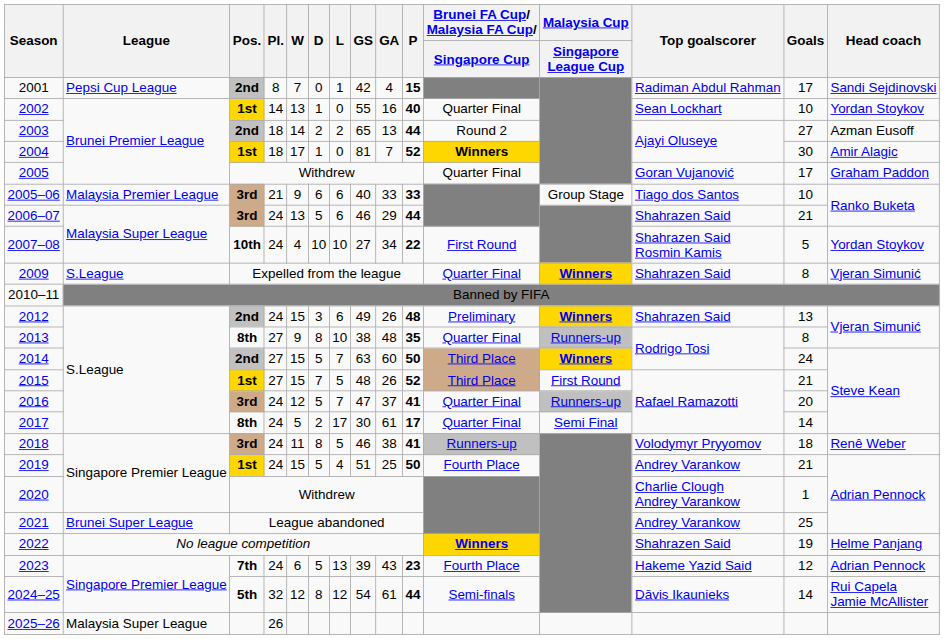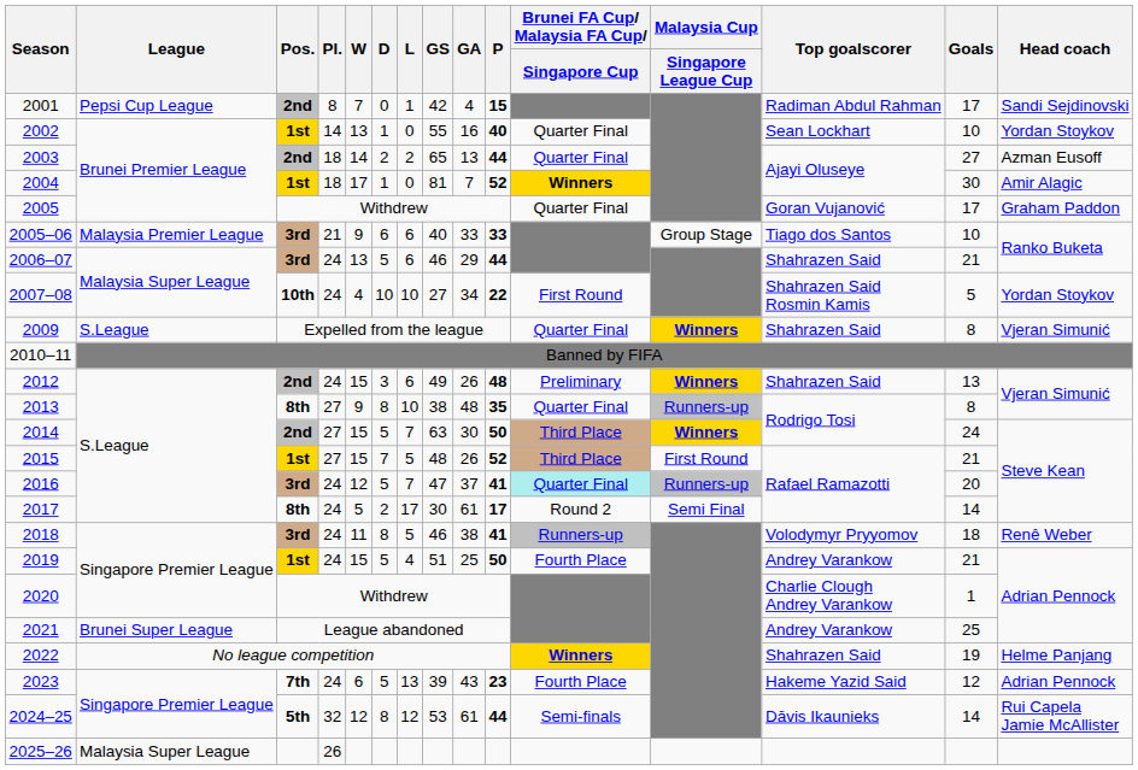 <table class="wikitable">
 <tr style="background:#efefef;">
 <th rowspan="2">Season</th>
 <th rowspan="2">League</th>
 <th rowspan="2">Pos.</th>
 <th rowspan="2">Pl.</th>
 <th rowspan="2">W</th>
 <th rowspan="2">D</th>
 <th rowspan="2">L</th>
 <th rowspan="2">GS</th>
 <th rowspan="2">GA</th>
 <th rowspan="2">P</th>
 <th> <a href='#'>Brunei FA Cup</a>/<br> <a href='#'>Malaysia FA Cup</a>/</th>
 <th> <a href='#'>Malaysia Cup</a></th>
 <th rowspan="2">Top goalscorer</th>
 <th rowspan="2">Goals</th>
 <th rowspan="2">Head coach</th>
 </tr>
 <tr>
 <th> <a href='#'>Singapore Cup</a></th>
 <th> <a href='#'>Singapore<br>League Cup</a></th>
 </tr>
 <tr>
 <td align=center>2001</td>
 <td> <a href='#'>Pepsi Cup League</a></td>
 <td style="text-align:center; background:silver;"><strong>2nd</strong></td>
 <td align=center>8</td>
 <td align=center>7</td>
 <td align=center>0</td>
 <td align=center>1</td>
 <td align=center>42</td>
 <td align=center>4</td>
 <td align=center><strong>15</strong></td>
 <td bgcolor=grey></td>
 <td rowspan="5" bgcolor=grey></td>
 <td rowspan="1"> <a href='#'>Radiman Abdul Rahman</a></td>
 <td align=center>17</td>
 <td> <a href='#'>Sandi Sejdinovski</a></td>
 </tr>
 <tr>
 <td align=center><a href='#'>2002</a></td>
 <td rowspan="4"> <a href='#'>Brunei Premier League</a></td>
 <td style="text-align:center; background:gold;"><strong>1st</strong></td>
 <td align=center>14</td>
 <td align=center>13</td>
 <td align=center>1</td>
 <td align=center>0</td>
 <td align=center>55</td>
 <td align=center>16</td>
 <td align=center><strong>40</strong></td>
 <td style="text-align:center;">Quarter Final</td>
 <td> <a href='#'>Sean Lockhart</a></td>
 <td align=center>10</td>
 <td> <a href='#'>Yordan Stoykov</a></td>
 </tr>
 <tr>
 <td align=center><a href='#'>2003</a></td>
 <td style="text-align:center; background:silver;"><strong>2nd</strong></td>
 <td align=center>18</td>
 <td align=center>14</td>
 <td align=center>2</td>
 <td align=center>2</td>
 <td align=center>65</td>
 <td align=center>13</td>
 <td align=center><strong>44</strong></td>
-<td style="text-align:center;">Round 2</td>
+<td align=center><a href='#'>Quarter Final</a></td>
 <td rowspan="2"> <a href='#'>Ajayi Oluseye</a></td>
 <td align=center>27</td>
 <td> Azman Eusoff</td>
 </tr>
 <tr>
 <td align=center><a href='#'>2004</a></td>
 <td style="text-align:center; background:gold;"><strong>1st</strong></td>
 <td align=center>18</td>
 <td align=center>17</td>
 <td align=center>1</td>
 <td align=center>0</td>
 <td align=center>81</td>
 <td align=center>7</td>
 <td align=center><strong>52</strong></td>
 <td style="text-align:center; background:gold;"><strong>Winners</strong></td>
 <td align=center>30</td>
 <td> <a href='#'>Amir Alagic</a></td>
 </tr>
 <tr>
 <td align=center><a href='#'>2005</a></td>
 <td style="text-align:center;" colspan=8>Withdrew</td>
 <td style="text-align:center;">Quarter Final</td>
 <td> <a href='#'>Goran Vujanović</a></td>
 <td align=center>17</td>
 <td> <a href='#'>Graham Paddon</a></td>
 </tr>
 <tr>
 <td align=center><a href='#'>2005–06</a></td>
 <td> <a href='#'>Malaysia Premier League</a></td>
 <td style="text-align:center; background:#cfaa88"><strong>3rd</strong></td>
 <td align=center>21</td>
 <td align=center>9</td>
 <td align=center>6</td>
 <td align=center>6</td>
 <td align=center>40</td>
 <td align=center>33</td>
 <td align=center><strong>33</strong></td>
 <td rowspan="2" bgcolor=grey></td>
 <td align=center>Group Stage</td>
 <td> <a href='#'>Tiago dos Santos</a></td>
 <td align=center>10</td>
 <td rowspan="2"> <a href='#'>Ranko Buketa</a></td>
 </tr>
 <tr>
 <td align=center><a href='#'>2006–07</a></td>
 <td rowspan="2"> <a href='#'>Malaysia Super League</a></td>
 <td style="text-align:center; background:#cfaa88"><strong>3rd</strong></td>
 <td align=center>24</td>
 <td align=center>13</td>
 <td align=center>5</td>
 <td align=center>6</td>
 <td align=center>46</td>
 <td align=center>29</td>
 <td align=center><strong>44</strong></td>
 <td rowspan="2" bgcolor=grey></td>
 <td> <a href='#'>Shahrazen Said</a></td>
 <td align=center>21</td>
 </tr>
 <tr>
 <td align=center><a href='#'>2007–08</a></td>
 <td style="text-align:center;"><strong>10th</strong></td>
 <td align=center>24</td>
 <td align=center>4</td>
 <td align=center>10</td>
 <td align=center>10</td>
 <td align=center>27</td>
 <td align=center>34</td>
 <td align=center><strong>22</strong></td>
 <td style="text-align:center;"><a href='#'>First Round</a></td>
 <td> <a href='#'>Shahrazen Said</a><br> <a href='#'>Rosmin Kamis</a></td>
 <td align=center>5</td>
 <td> <a href='#'>Yordan Stoykov</a></td>
 </tr>
 <tr>
 <td align=center><a href='#'>2009</a></td>
 <td> <a href='#'>S.League</a></td>
 <td align=center colspan="8">Expelled from the league</td>
 <td align=center><a href='#'>Quarter Final</a></td>
 <td style="text-align:center; background:gold;"><strong><a href='#'>Winners</a></strong></td>
 <td> <a href='#'>Shahrazen Said</a></td>
 <td align=center>8</td>
 <td> <a href='#'>Vjeran Simunić</a></td>
 </tr>
 <tr>
 <td align=center>2010–11</td>
 <td bgcolor=grey align=center colspan="14">Banned by FIFA</td>
 </tr>
 <tr>
 <td align=center><a href='#'>2012</a></td>
 <td rowspan="6"> S.League</td>
 <td style="text-align:center; background:silver;"><strong>2nd</strong></td>
 <td align=center>24</td>
 <td align=center>15</td>
 <td align=center>3</td>
 <td align=center>6</td>
 <td align=center>49</td>
 <td align=center>26</td>
 <td align=center><strong>48</strong></td>
 <td align=center><a href='#'>Preliminary</a></td>
 <td style="text-align:center; background:gold;"><strong><a href='#'>Winners</a></strong></td>
 <td> <a href='#'>Shahrazen Said</a></td>
 <td align=center>13</td>
 <td rowspan="2"> <a href='#'>Vjeran Simunić</a></td>
 </tr>
 <tr>
 <td align=center><a href='#'>2013</a></td>
 <td align=center><strong>8th</strong></td>
 <td align=center>27</td>
 <td align=center>9</td>
 <td align=center>8</td>
 <td align=center>10</td>
 <td align=center>38</td>
 <td align=center>48</td>
 <td align=center><strong>35</strong></td>
 <td align=center><a href='#'>Quarter Final</a></td>
 <td style="text-align:center; background:silver;"><a href='#'>Runners-up</a></td>
 <td rowspan="2"> <a href='#'>Rodrigo Tosi</a></td>
 <td align=center>8</td>
 </tr>
 <tr>
 <td align=center><a href='#'>2014</a></td>
 <td style="text-align:center; background:silver;"><strong>2nd</strong></td>
 <td align=center>27</td>
 <td align=center>15</td>
 <td align=center>5</td>
 <td align=center>7</td>
 <td align=center>63</td>
-<td align=center>60</td>
+<td align=center>30</td>
 <td align=center><strong>50</strong></td>
 <td style="text-align:center; background:#cfaa88"><a href='#'>Third Place</a></td>
 <td style="text-align:center; background:gold;"><strong><a href='#'>Winners</a></strong></td>
 <td align=center>24</td>
 <td rowspan="4"> <a href='#'>Steve Kean</a></td>
 </tr>
 <tr>
 <td align=center><a href='#'>2015</a></td>
 <td style="text-align:center; background:gold;"><strong>1st</strong></td>
 <td align=center>27</td>
 <td align=center>15</td>
 <td align=center>7</td>
 <td align=center>5</td>
 <td align=center>48</td>
 <td align=center>26</td>
 <td align=center><strong>52</strong></td>
 <td style="text-align:center; background:#cfaa88"><a href='#'>Third Place</a></td>
 <td style="text-align:center;"><a href='#'>First Round</a></td>
 <td rowspan="3"> <a href='#'>Rafael Ramazotti</a></td>
 <td align=center>21</td>
 </tr>
 <tr>
 <td align=center><a href='#'>2016</a></td>
 <td style="text-align:center; background:#cfaa88"><strong>3rd</strong></td>
 <td align=center>24</td>
 <td align=center>12</td>
 <td align=center>5</td>
 <td align=center>7</td>
 <td align=center>47</td>
 <td align=center>37</td>
 <td align=center><strong>41</strong></td>
-<td align=center><a href='#'>Quarter Final</a></td>
+<td align=center style="background: paleturquoise;"><a href='#'>Quarter Final</a></td>
 <td style="text-align:center; background:silver;"><a href='#'>Runners-up</a></td>
 <td align=center>20</td>
 </tr>
 <tr>
 <td align=center><a href='#'>2017</a></td>
 <td align=center><strong>8th</strong></td>
 <td align=center>24</td>
 <td align=center>5</td>
 <td align=center>2</td>
 <td align=center>17</td>
 <td align=center>30</td>
 <td align=center>61</td>
 <td align=center><strong>17</strong></td>
-<td align=center><a href='#'>Quarter Final</a></td>
+<td style="text-align:center;">Round 2</td>
 <td style="text-align:center;"><a href='#'>Semi Final</a></td>
 <td align=center>14</td>
 </tr>
 <tr>
 <td align=center><a href='#'>2018</a></td>
 <td rowspan="3"> Singapore Premier League</td>
 <td style="text-align:center; background:#cfaa88"><strong>3rd</strong></td>
 <td align=center>24</td>
 <td align=center>11</td>
 <td align=center>8</td>
 <td align=center>5</td>
 <td align=center>46</td>
 <td align=center>38</td>
 <td align=center><strong>41</strong></td>
 <td style="text-align:center; background:silver;"><a href='#'>Runners-up</a></td>
 <td rowspan="7"  bgcolor=grey></td>
 <td> <a href='#'>Volodymyr Pryyomov</a></td>
 <td align=center>18</td>
 <td> <a href='#'>Renê Weber</a></td>
 </tr>
 <tr>
 <td align=center><a href='#'>2019</a></td>
 <td style="text-align:center; background:gold;"><strong>1st</strong></td>
 <td align=center>24</td>
 <td align=center>15</td>
 <td align=center>5</td>
 <td align=center>4</td>
 <td align=center>51</td>
 <td align=center>25</td>
 <td align=center><strong>50</strong></td>
 <td align=center><a href='#'>Fourth Place</a></td>
 <td> <a href='#'>Andrey Varankow</a></td>
 <td align=center>21</td>
 <td rowspan="3"> <a href='#'>Adrian Pennock</a></td>
 </tr>
 <tr>
 <td align=center><a href='#'>2020</a></td>
 <td style="text-align:center;" colspan="8">Withdrew</td>
 <td align=center bgcolor=grey rowspan="2"></td>
 <td> <a href='#'>Charlie Clough</a><br> <a href='#'>Andrey Varankow</a></td>
 <td align=center>1</td>
 </tr>
 <tr>
 <td align=center><a href='#'>2021</a></td>
 <td> <a href='#'>Brunei Super League</a></td>
 <td style="text-align:center;" colspan=8>League abandoned</td>
 <td> <a href='#'>Andrey Varankow</a></td>
 <td align=center>25</td>
 </tr>
 <tr>
 <td align=center><a href='#'>2022</a></td>
 <td style="text-align:center;" colspan="9"><em>No league competition</em></td>
 <td style="text-align:center; background:gold;"><strong><a href='#'>Winners</a></strong></td>
 <td> <a href='#'>Shahrazen Said</a></td>
 <td align=center>19</td>
 <td> <a href='#'>Helme Panjang</a></td>
 </tr>
 <tr>
 <td align=center><a href='#'>2023</a></td>
 <td rowspan="2"> <a href='#'>Singapore Premier League</a></td>
 <td align=center><strong>7th</strong></td>
 <td align=center>24</td>
 <td align=center>6</td>
 <td align=center>5</td>
 <td align=center>13</td>
 <td align=center>39</td>
 <td align=center>43</td>
 <td align=center><strong>23</strong></td>
 <td style="text-align:center;"><a href='#'>Fourth Place</a></td>
 <td> <a href='#'>Hakeme Yazid Said</a></td>
 <td align=center>12</td>
 <td> <a href='#'>Adrian Pennock</a></td>
 </tr>
 <tr>
 <td align=center><a href='#'>2024–25</a></td>
 <td align=center><strong>5th</strong></td>
 <td align=center>32</td>
 <td align=center>12</td>
 <td align=center>8</td>
 <td align=center>12</td>
-<td align=center>54</td>
+<td align=center>53</td>
 <td align=center>61</td>
 <td align=center><strong>44</strong></td>
 <td style="text-align:center;"><a href='#'>Semi-finals</a></td>
 <td> <a href='#'>Dāvis Ikaunieks</a></td>
 <td align=center>14</td>
 <td> <a href='#'>Rui Capela</a><br> <a href='#'>Jamie McAllister</a></td>
 </tr>
 <tr>
 <td align=center><a href='#'>2025–26</a></td>
 <td> Malaysia Super League</td>
 <td align=center></td>
 <td align=center>26</td>
 <td align=center></td>
 <td align=center></td>
 <td align=center></td>
 <td align=center></td>
 <td align=center></td>
 <td style="text-align:center;"></td>
 <td></td>
 <td></td>
 <td></td>
 <td align=center></td>
 <td></td>
 </tr>
 </table>
